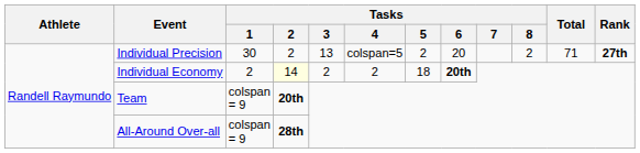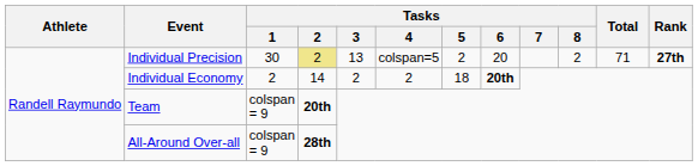 <table class="wikitable" border="1" style="font-size:90%">
 <tr>
 <th rowspan=2>Athlete</th>
 <th rowspan=2>Event</th>
 <th colspan=8>Tasks</th>
 <th rowspan=2 width=50>Total</th>
 <th rowspan=2 width=40>Rank</th>
 </tr>
 <tr>
 <th width = 35 align=center>1</th>
 <th width = 35 align=center>2</th>
 <th width = 35 align=center>3</th>
 <th width = 35 align=center>4</th>
 <th width = 35 align=center>5</th>
 <th width = 35 align=center>6</th>
 <th width = 35 align=center>7</th>
 <th width = 35 align=center>8</th>
 </tr>
 <tr>
 <td rowspan = 4><a href='#'>Randell Raymundo</a></td>
 <td><a href='#'>Individual Precision</a></td>
 <td align=center>30</td>
-<td align=center>2</td>
+<td align=center style="background: khaki;">2</td>
 <td align=center>13</td>
 <td>colspan=5 </td>
 <td align=center>2</td>
 <td align=center>20</td>
 <td></td>
 <td align=center>2</td>
 <td align=center>71</td>
 <td align=center><strong>27th</strong></td>
 </tr>
 <tr>
 <td><a href='#'>Individual Economy</a></td>
 <td align=center>2</td>
-<td align=center style="background: lightyellow;">14</td>
+<td align=center>14</td>
 <td align=center>2</td>
 <td align=center>2</td>
 <td align=center>18</td>
 <td align=center><strong>20th</strong></td>
 </tr>
 <tr>
 <td><a href='#'>Team</a></td>
 <td>colspan = 9 </td>
 <td align = center><strong>20th</strong></td>
 </tr>
 <tr>
 <td><a href='#'>All-Around Over-all</a></td>
 <td>colspan = 9 </td>
 <td align = center><strong>28th</strong></td>
 </tr>
 </table>
